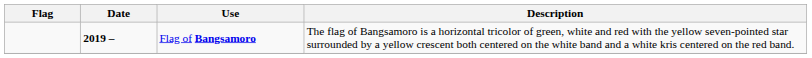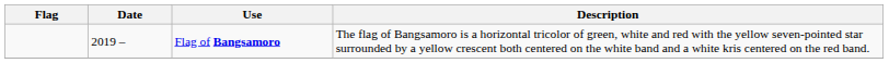 <table class="wikitable" style="background:#FFFFF;">
 <tr>
 <th style="width:100px;">Flag</th>
 <th style="width:100px;">Date</th>
 <th style="width:200px;">Use</th>
 <th style="width:700px;">Description</th>
 </tr>
 <tr>
 <td></td>
-<td><strong>2019 –</strong></td>
+<td>2019 –</td>
 <td><a href='#'>Flag of</a> <strong><a href='#'>Bangsamoro</a></strong></td>
 <td>The flag of Bangsamoro is a horizontal tricolor of green, white and red with the yellow seven-pointed star surrounded by a yellow crescent both centered on the white band and a white kris centered on the red band.</td>
 </tr>
 <tr>
 </tr>
 </table>
